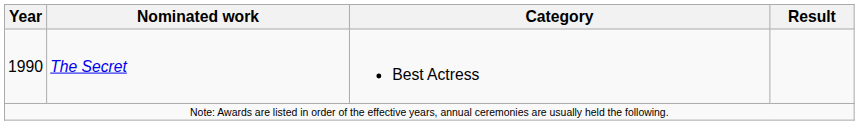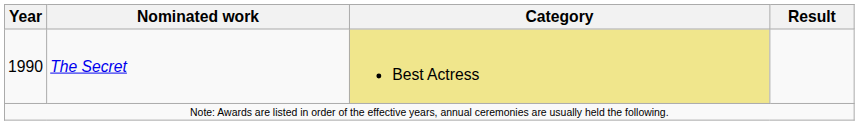 <table class=wikitable>
 <tr>
 <th width=4%>Year</th>
 <th width=36%>Nominated work</th>
 <th width=50%>Category</th>
 <th width=10%>Result</th>
 </tr>
 <tr>
 <td>1990</td>
 <td><em><a href='#'>The Secret</a></em></td>
-<td><br><ul><li>Best Actress</li></ul></td>
+<td style="background: khaki;"><br><ul><li>Best Actress</li></ul></td>
 <td></td>
 </tr>
 <tr>
 <td colspan=4 width=100% style=font-size:8pt align=center>Note: Awards are listed in order of the effective years, annual ceremonies are usually held the following.</td>
 </tr>
 </table>
